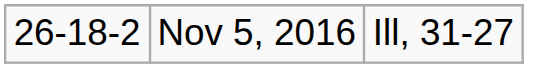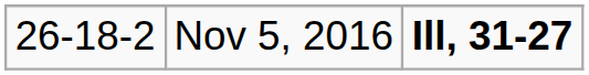 <table class="wikitable">
 <tr align="center">
 </tr>
 <tr align="center">
 <td>26-18-2</td>
 <td>Nov 5, 2016</td>
-<td>Ill, 31-27</td>
+<td><strong>Ill, 31-27</strong></td>
 </tr>
 </table>
